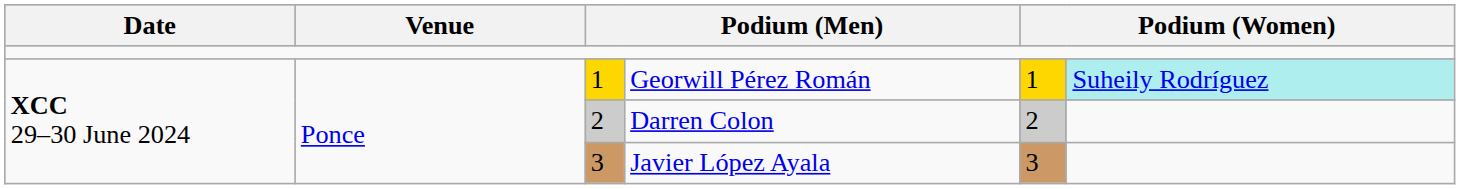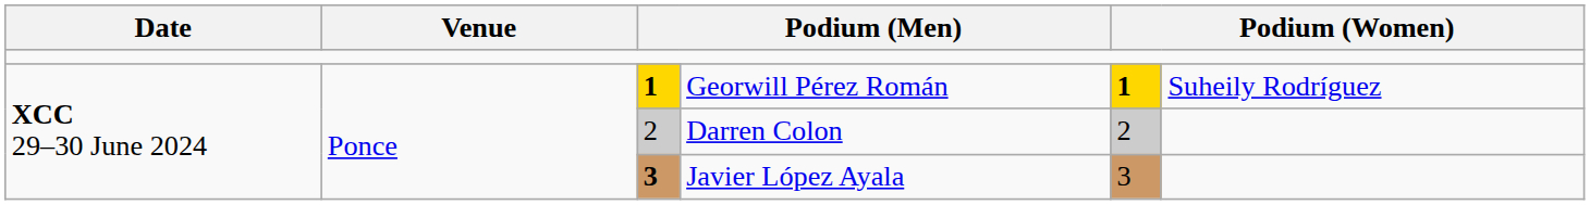 <table class="wikitable" width=70%>
 <tr>
 <th>Date</th>
 <th width=20%>Venue</th>
 <th colspan=2 width=30%>Podium (Men)</th>
 <th colspan=2 width=30%>Podium (Women)</th>
 </tr>
 <tr>
 <td colspan=6></td>
 </tr>
 <tr>
 <td rowspan=3><strong>XCC</strong> <br> 29–30 June 2024</td>
 <td rowspan=3><br><a href='#'>Ponce</a></td>
-<td bgcolor=FFD700>1</td>
+<td bgcolor=FFD700><strong>1</strong></td>
 <td><a href='#'>Georwill Pérez Román</a></td>
-<td bgcolor=FFD700>1</td>
-<td style="background: paleturquoise;"><a href='#'>Suheily Rodríguez</a></td>
+<td bgcolor=FFD700><strong>1</strong></td>
+<td><a href='#'>Suheily Rodríguez</a></td>
 </tr>
 <tr>
 <td bgcolor=CCCCCC>2</td>
 <td><a href='#'>Darren Colon</a></td>
 <td bgcolor=CCCCCC>2</td>
 <td></td>
 </tr>
 <tr>
-<td bgcolor=CC9966>3</td>
+<td bgcolor=CC9966><strong>3</strong></td>
 <td><a href='#'>Javier López Ayala</a></td>
 <td bgcolor=CC9966>3</td>
 <td></td>
 </tr>
 </table>
